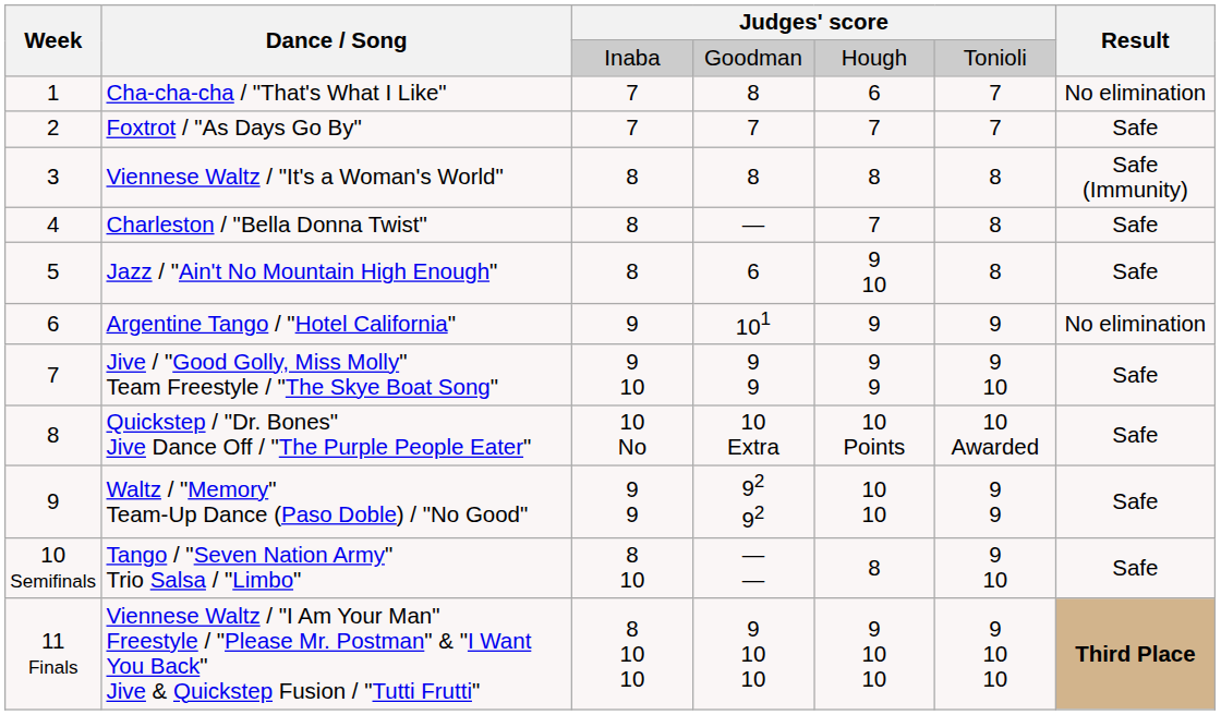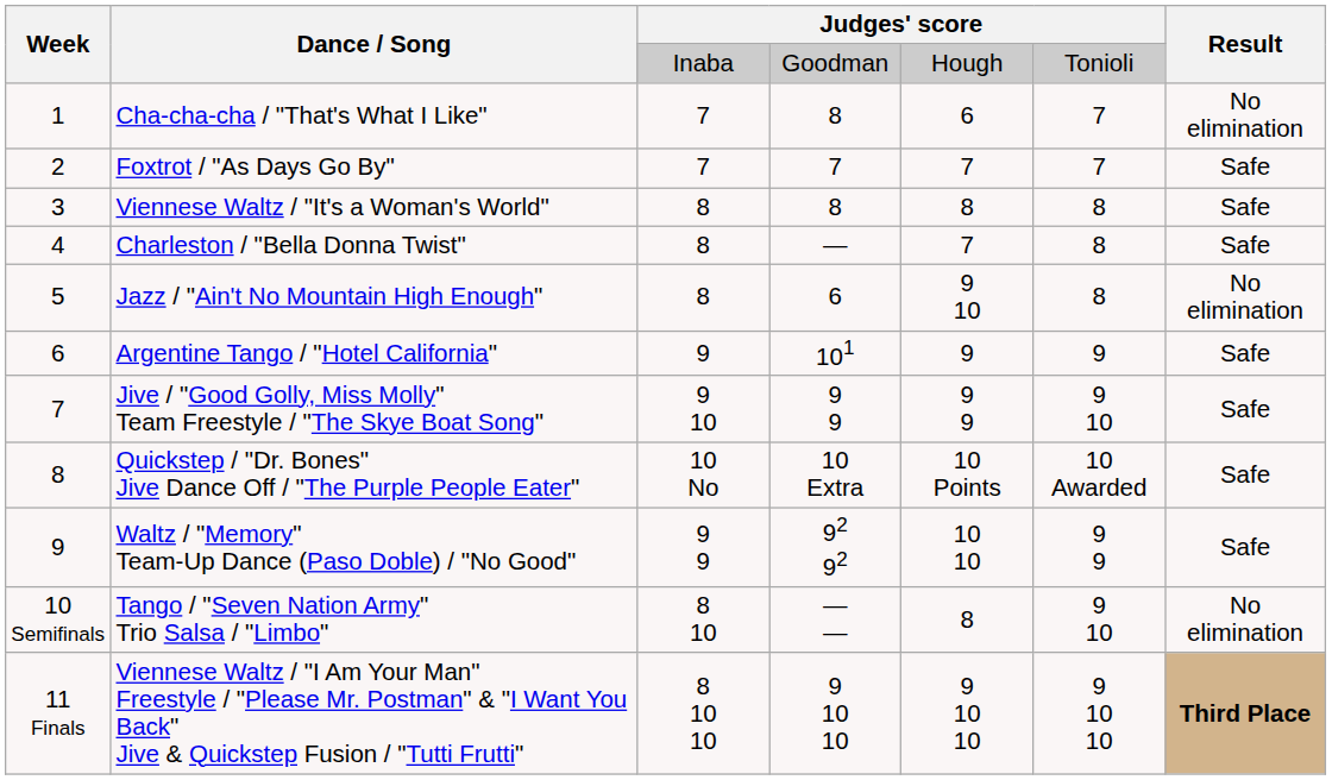 <table class="wikitable" style="text-align:center;">
 <tr style="text-align:center;">
 <th rowspan="2" bgcolor="#CCCCCC" align="Center">Week</th>
 <th rowspan="2" bgcolor="#CCCCCC" align="Center">Dance / Song</th>
 <th colspan="4" bgcolor="#CCCCCC" align="Center">Judges' score</th>
 <th rowspan="2" bgcolor="#CCCCCC" align="Center">Result</th>
 </tr>
 <tr>
 <td bgcolor="#CCCCCC" width="10%" align="center">Inaba</td>
 <td bgcolor="#CCCCCC" width="10%" align="center">Goodman</td>
 <td bgcolor="#CCCCCC" width="10%" align="center">Hough</td>
 <td bgcolor="#CCCCCC" width="10%" align="center">Tonioli</td>
 </tr>
 <tr>
 <td bgcolor="#FAF6F6">1</td>
 <td align="left" bgcolor="#FAF6F6"><a href='#'>Cha-cha-cha</a> / "That's What I Like"</td>
 <td bgcolor="#FAF6F6">7</td>
 <td bgcolor="#FAF6F6">8</td>
 <td bgcolor="#FAF6F6">6</td>
 <td bgcolor="#FAF6F6">7</td>
 <td bgcolor="#FAF6F6">No elimination</td>
 </tr>
 <tr>
 <td bgcolor="#FAF6F6">2</td>
 <td align="left" bgcolor="#FAF6F6"><a href='#'>Foxtrot</a> / "As Days Go By"</td>
 <td bgcolor="#FAF6F6">7</td>
 <td bgcolor="#FAF6F6">7</td>
 <td bgcolor="#FAF6F6">7</td>
 <td bgcolor="#FAF6F6">7</td>
 <td bgcolor="#FAF6F6">Safe</td>
 </tr>
 <tr>
 <td bgcolor="#FAF6F6">3</td>
 <td align="left" bgcolor="#FAF6F6"><a href='#'>Viennese Waltz</a> / "It's a Woman's World"</td>
 <td bgcolor="#FAF6F6">8</td>
 <td bgcolor="#FAF6F6">8</td>
 <td bgcolor="#FAF6F6">8</td>
 <td bgcolor="#FAF6F6">8</td>
-<td bgcolor="#FAF6F6">Safe (Immunity)</td>
+<td bgcolor="#FAF6F6">Safe</td>
 </tr>
 <tr>
 <td bgcolor="#FAF6F6">4</td>
 <td align="left" bgcolor="#FAF6F6"><a href='#'>Charleston</a> / "Bella Donna Twist"</td>
 <td bgcolor="#FAF6F6">8</td>
 <td bgcolor="#FAF6F6">—</td>
 <td bgcolor="#FAF6F6">7</td>
 <td bgcolor="#FAF6F6">8</td>
 <td bgcolor="#FAF6F6">Safe</td>
 </tr>
 <tr>
 <td bgcolor="#FAF6F6">5</td>
 <td align="left" bgcolor="#FAF6F6"><a href='#'>Jazz</a> / "<a href='#'>Ain't No Mountain High Enough</a>"</td>
 <td bgcolor="#FAF6F6">8</td>
 <td bgcolor="#FAF6F6">6</td>
 <td bgcolor="#FAF6F6">9<br>10</td>
 <td bgcolor="#FAF6F6">8</td>
-<td bgcolor="#FAF6F6">Safe</td>
+<td bgcolor="#FAF6F6">No elimination</td>
 </tr>
 <tr>
 <td bgcolor="#FAF6F6">6</td>
 <td align="left" bgcolor="#FAF6F6"><a href='#'>Argentine Tango</a> / "<a href='#'>Hotel California</a>"</td>
 <td bgcolor="#FAF6F6">9</td>
 <td bgcolor="#FAF6F6">10<sup>1</sup></td>
 <td bgcolor="#FAF6F6">9</td>
 <td bgcolor="#FAF6F6">9</td>
-<td bgcolor="#FAF6F6">No elimination</td>
+<td bgcolor="#FAF6F6">Safe</td>
 </tr>
 <tr>
 <td bgcolor="#FAF6F6">7</td>
 <td align="left" bgcolor="#FAF6F6"><a href='#'>Jive</a> / "<a href='#'>Good Golly, Miss Molly</a>"<br>Team Freestyle / "<a href='#'>The Skye Boat Song</a>"</td>
 <td bgcolor="#FAF6F6">9<br>10</td>
 <td bgcolor="#FAF6F6">9<br>9</td>
 <td bgcolor="#FAF6F6">9<br>9</td>
 <td bgcolor="#FAF6F6">9<br>10</td>
 <td bgcolor="#FAF6F6">Safe</td>
 </tr>
 <tr>
 <td bgcolor="#FAF6F6">8</td>
 <td align="left" bgcolor="#FAF6F6"><a href='#'>Quickstep</a> / "Dr. Bones"<br><a href='#'>Jive</a> Dance Off / "<a href='#'>The Purple People Eater</a>"</td>
 <td bgcolor="#FAF6F6">10<br>No</td>
 <td bgcolor="#FAF6F6">10<br>Extra</td>
 <td bgcolor="#FAF6F6">10<br>Points</td>
 <td bgcolor="#FAF6F6">10<br>Awarded</td>
 <td bgcolor="#FAF6F6">Safe</td>
 </tr>
 <tr>
 <td bgcolor="#FAF6F6">9</td>
 <td align="left" bgcolor="#FAF6F6"><a href='#'>Waltz</a> / "<a href='#'>Memory</a>"<br>Team-Up Dance (<a href='#'>Paso Doble</a>) / "No Good"</td>
 <td bgcolor="#FAF6F6">9<br>9</td>
 <td bgcolor="#FAF6F6">9<sup>2</sup><br>9<sup>2</sup></td>
 <td bgcolor="#FAF6F6">10<br>10</td>
 <td bgcolor="#FAF6F6">9<br>9</td>
 <td bgcolor="#FAF6F6">Safe</td>
 </tr>
 <tr>
 <td bgcolor="#FAF6F6">10<br><small>Semifinals</small></td>
 <td align="left" bgcolor="#FAF6F6"><a href='#'>Tango</a> / "<a href='#'>Seven Nation Army</a>"<br>Trio <a href='#'>Salsa</a> / "<a href='#'>Limbo</a>"</td>
 <td bgcolor="#FAF6F6">8<br>10</td>
 <td bgcolor="#FAF6F6">—<br>—</td>
 <td bgcolor="#FAF6F6">8</td>
 <td bgcolor="#FAF6F6">9<br>10</td>
-<td bgcolor="#FAF6F6">Safe</td>
+<td bgcolor="#FAF6F6">No elimination</td>
 </tr>
 <tr>
 <td bgcolor="#FAF6F6">11<br><small>Finals</small></td>
 <td align="left" bgcolor="#FAF6F6"><a href='#'>Viennese Waltz</a> / "I Am Your Man"<br><a href='#'>Freestyle</a> / "<a href='#'>Please Mr. Postman</a>" & "<a href='#'>I Want You Back</a>"<br><a href='#'>Jive</a> & <a href='#'>Quickstep</a> Fusion / "<a href='#'>Tutti Frutti</a>"</td>
 <td bgcolor="#FAF6F6">8<br>10<br>10</td>
 <td bgcolor="#FAF6F6">9<br>10<br>10</td>
 <td bgcolor="#FAF6F6">9<br>10<br>10</td>
 <td bgcolor="#FAF6F6">9<br>10<br>10</td>
 <th style="background:tan;">Third Place</th>
 </tr>
 </table>
